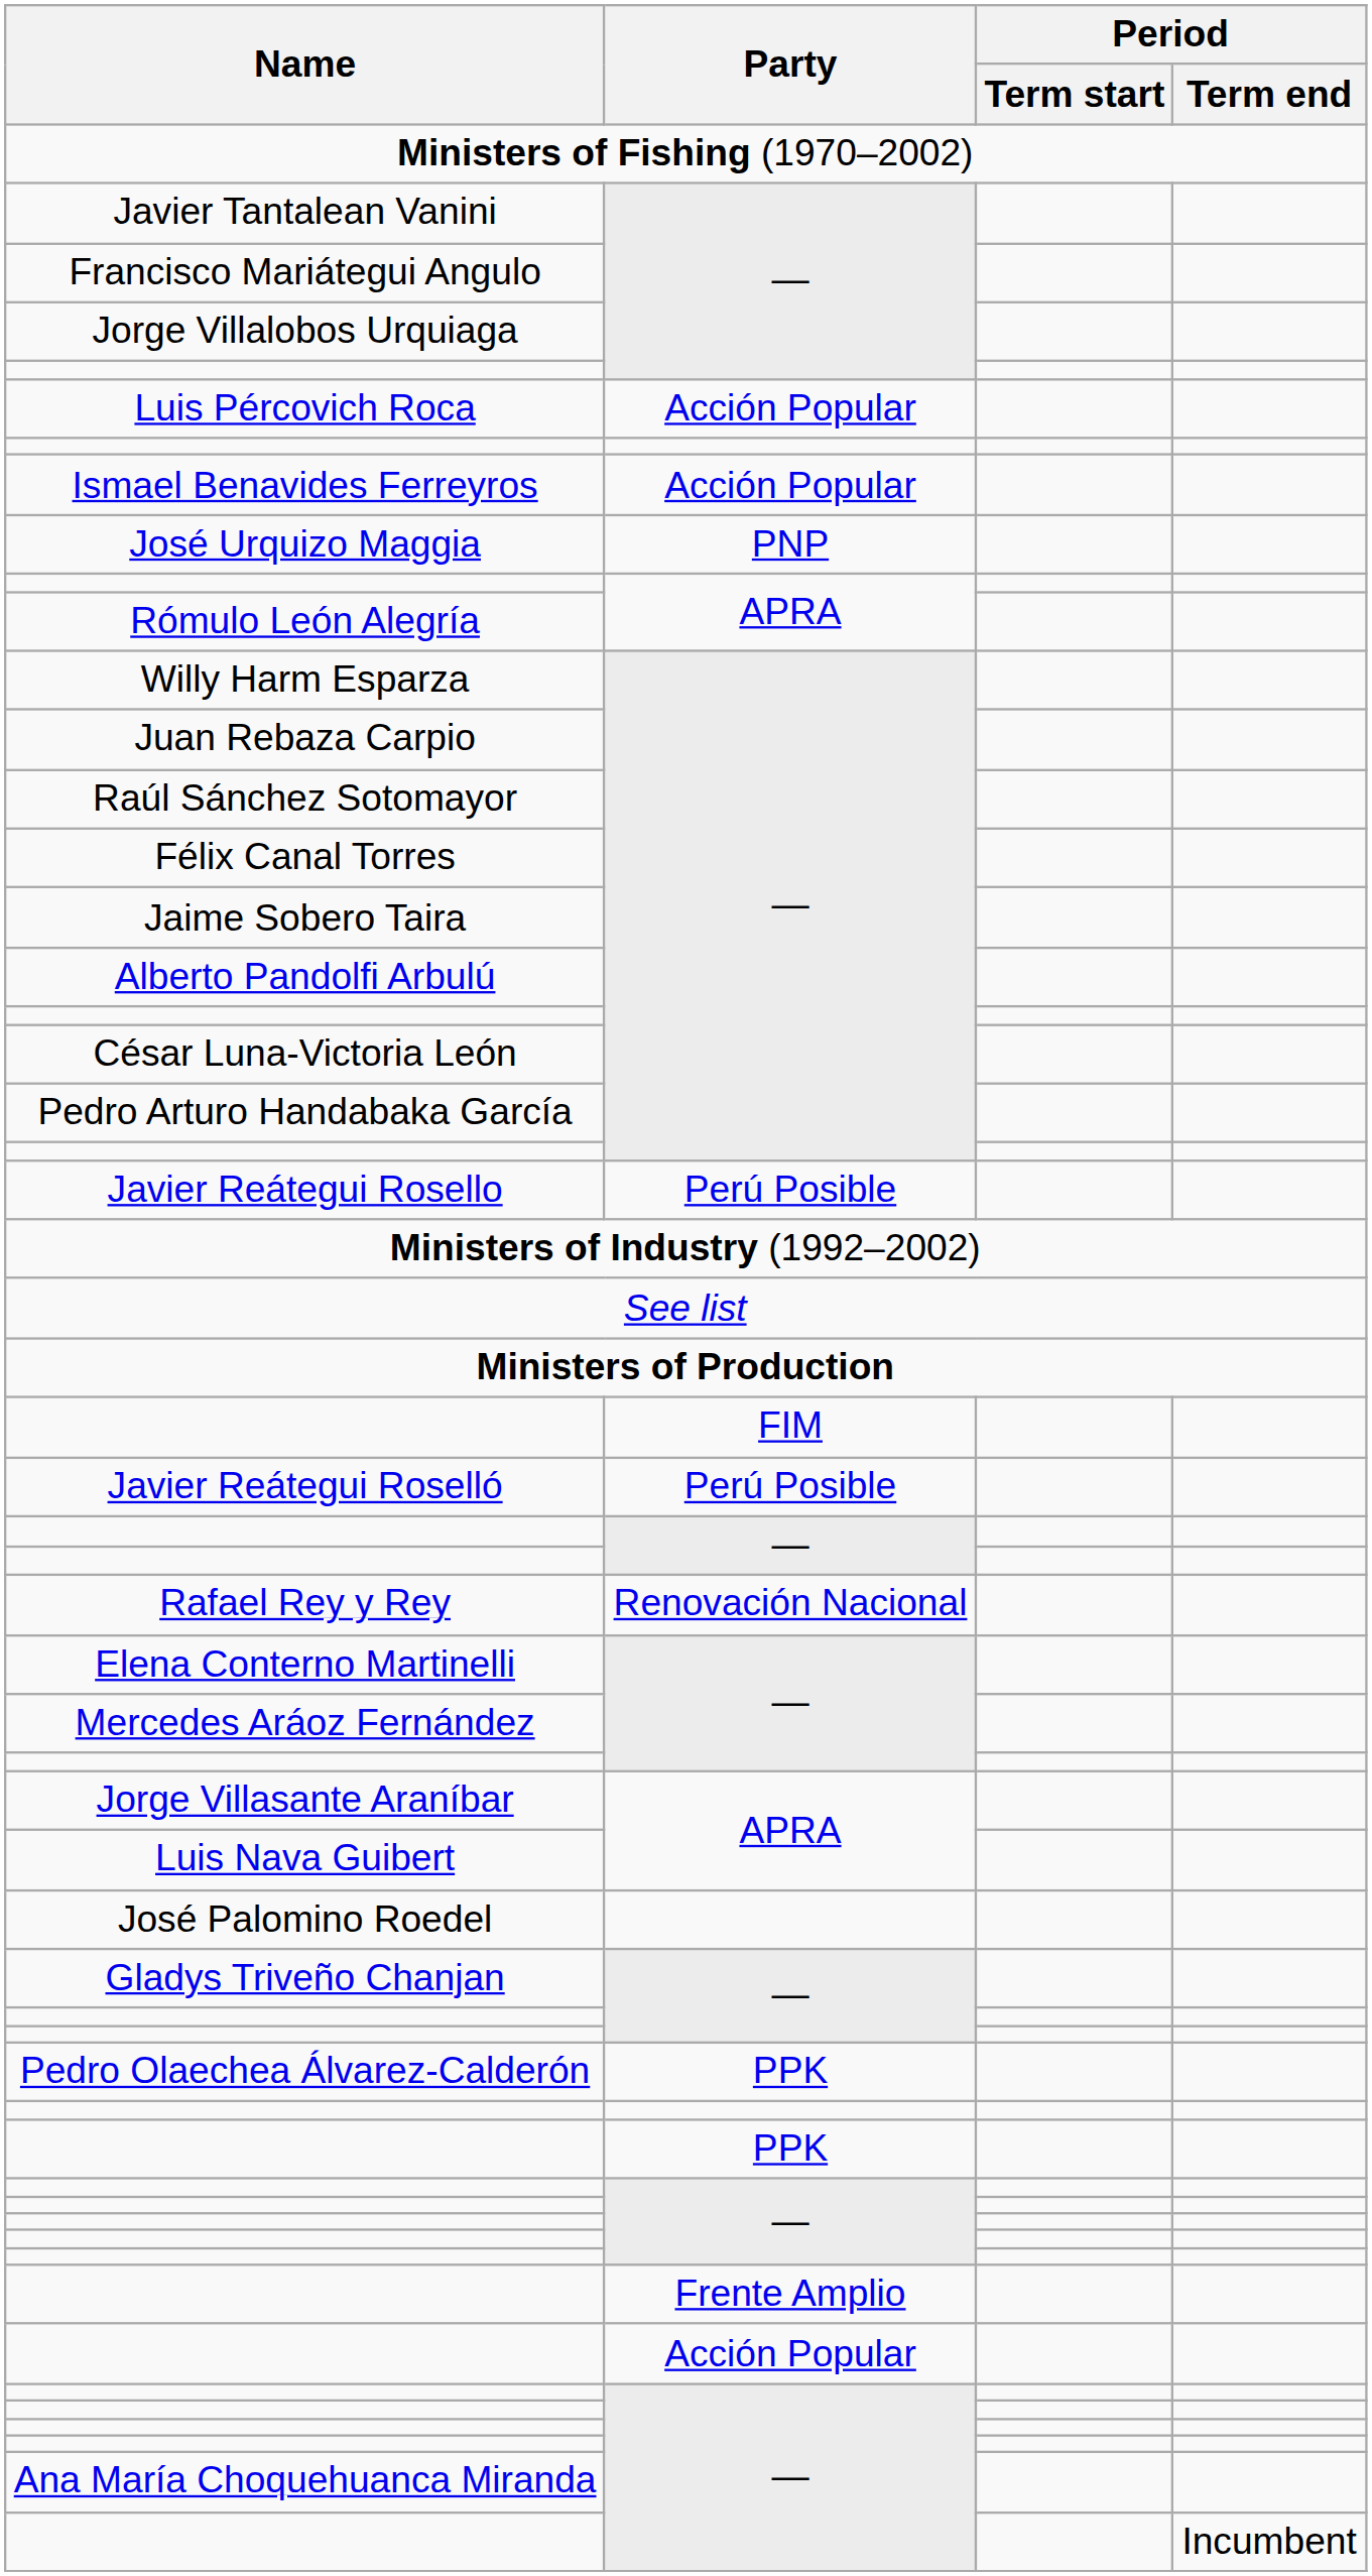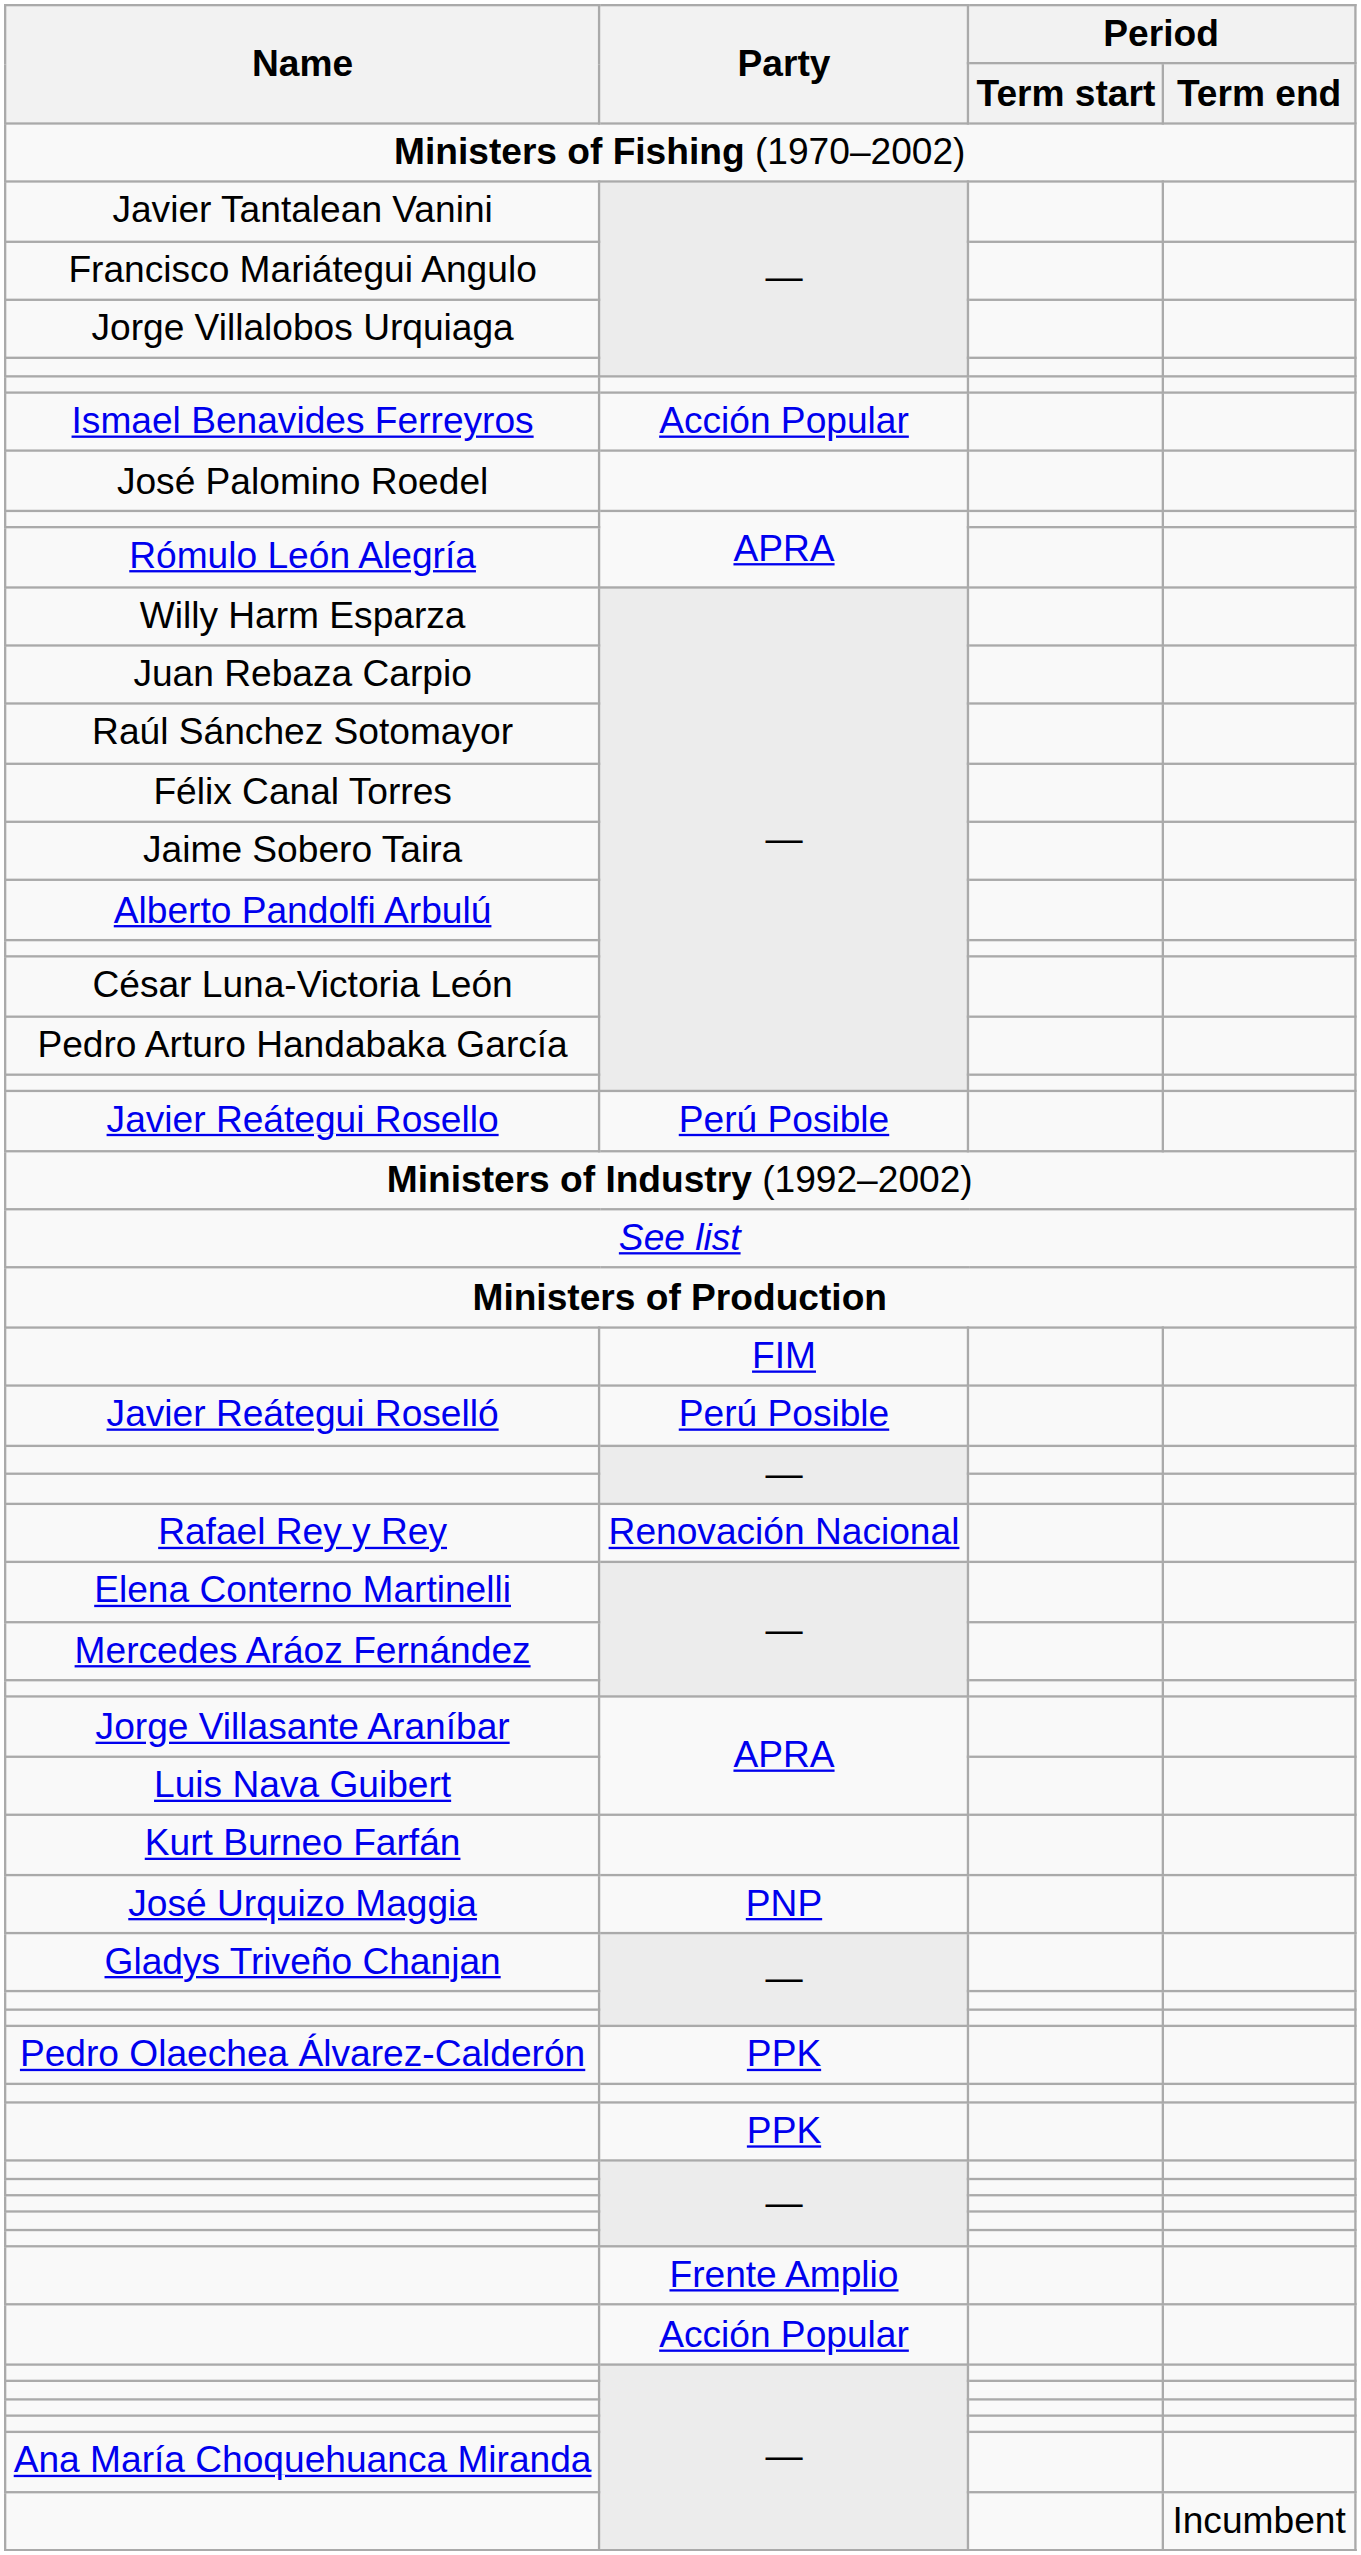 <table class="wikitable" style="text-align: center">
 <tr>
 <th rowspan=2><strong>Name</strong></th>
 <th rowspan=2><strong>Party</strong></th>
 <th colspan=2><strong>Period</strong></th>
 </tr>
 <tr>
 <th>Term start</th>
 <th>Term end</th>
 </tr>
 <tr>
 <td colspan=4><div><strong>Ministers of Fishing</strong> (1970–2002)</div></td>
 </tr>
 <tr>
 <td>Javier Tantalean Vanini</td>
 <td rowspan=4; style="background: var(--background-color-interactive, #ececec)">—</td>
 <td></td>
 <td></td>
 </tr>
 <tr>
 <td>Francisco Mariátegui Angulo</td>
 <td></td>
 <td></td>
 </tr>
 <tr>
 <td>Jorge Villalobos Urquiaga</td>
 <td></td>
 <td></td>
 </tr>
 <tr>
 <td></td>
 <td></td>
 <td></td>
 </tr>
 <tr>
-<td><a href='#'>Luis Pércovich Roca</a></td>
-<td><a href='#'>Acción Popular</a></td>
-<td></td>
-<td></td>
-</tr>
-<tr>
 <td></td>
 <td></td>
 <td></td>
 <td></td>
 </tr>
 <tr>
 <td><a href='#'>Ismael Benavides Ferreyros</a></td>
 <td><a href='#'>Acción Popular</a></td>
 <td></td>
 <td></td>
 </tr>
 <tr>
-<td><a href='#'>José Urquizo Maggia</a></td>
-<td><a href='#'>PNP</a></td>
+<td>José Palomino Roedel</td>
+<td></td>
 <td></td>
 <td></td>
 </tr>
 <tr>
 <td></td>
 <td rowspan="2"><a href='#'>APRA</a></td>
 <td></td>
 <td></td>
 </tr>
 <tr>
 <td><a href='#'>Rómulo León Alegría</a></td>
 <td></td>
 <td></td>
 </tr>
 <tr>
 <td>Willy Harm Esparza</td>
 <td rowspan=10; style="background: var(--background-color-interactive, #ececec)">—</td>
 <td></td>
 <td></td>
 </tr>
 <tr>
 <td>Juan Rebaza Carpio</td>
 <td></td>
 <td></td>
 </tr>
 <tr>
 <td>Raúl Sánchez Sotomayor</td>
 <td></td>
 <td></td>
 </tr>
 <tr>
 <td>Félix Canal Torres</td>
 <td></td>
 <td></td>
 </tr>
 <tr>
 <td>Jaime Sobero Taira</td>
 <td></td>
 <td></td>
 </tr>
 <tr>
 <td><a href='#'>Alberto Pandolfi Arbulú</a></td>
 <td></td>
 <td></td>
 </tr>
 <tr>
 <td></td>
 <td></td>
 <td></td>
 </tr>
 <tr>
 <td>César Luna-Victoria León</td>
 <td></td>
 <td></td>
 </tr>
 <tr>
 <td>Pedro Arturo Handabaka García</td>
 <td></td>
 <td></td>
 </tr>
 <tr>
 <td></td>
 <td></td>
 <td></td>
 </tr>
 <tr>
 <td><a href='#'>Javier Reátegui Rosello</a></td>
 <td><a href='#'>Perú Posible</a></td>
 <td></td>
 <td></td>
 </tr>
 <tr>
 <td colspan=4><div><strong>Ministers of Industry</strong> (1992–2002)</div></td>
 </tr>
 <tr>
 <td colspan=4><div><em><a href='#'>See list</a></em></div></td>
 </tr>
 <tr>
 <td colspan=4><div><strong>Ministers of Production</strong></div></td>
 </tr>
 <tr>
 <td></td>
 <td><a href='#'>FIM</a></td>
 <td></td>
 <td></td>
 </tr>
 <tr>
 <td><a href='#'>Javier Reátegui Roselló</a></td>
 <td><a href='#'>Perú Posible</a></td>
 <td></td>
 <td></td>
 </tr>
 <tr>
 <td></td>
 <td rowspan=2; style="background: var(--background-color-interactive, #ececec)">—</td>
 <td></td>
 <td></td>
 </tr>
 <tr>
 <td></td>
 <td></td>
 <td></td>
 </tr>
 <tr>
 <td><a href='#'>Rafael Rey y Rey</a></td>
 <td><a href='#'>Renovación Nacional</a></td>
 <td></td>
 <td></td>
 </tr>
 <tr>
 <td><a href='#'>Elena Conterno Martinelli</a></td>
 <td rowspan=3; style="background: var(--background-color-interactive, #ececec)">—</td>
 <td></td>
 <td></td>
 </tr>
 <tr>
 <td><a href='#'>Mercedes Aráoz Fernández</a></td>
 <td></td>
 <td></td>
 </tr>
 <tr>
 <td></td>
 <td></td>
 <td></td>
 </tr>
 <tr>
 <td><a href='#'>Jorge Villasante Araníbar</a></td>
 <td rowspan="2"><a href='#'>APRA</a></td>
 <td></td>
 <td></td>
 </tr>
 <tr>
 <td><a href='#'>Luis Nava Guibert</a></td>
 <td></td>
 <td></td>
 </tr>
 <tr>
-<td>José Palomino Roedel</td>
+<td><a href='#'>Kurt Burneo Farfán</a></td>
 <td></td>
+<td></td>
+<td></td>
+</tr>
+<tr>
+<td><a href='#'>José Urquizo Maggia</a></td>
+<td><a href='#'>PNP</a></td>
 <td></td>
 <td></td>
 </tr>
 <tr>
 <td><a href='#'>Gladys Triveño Chanjan</a></td>
 <td rowspan=3; style="background: var(--background-color-interactive, #ececec)">—</td>
 <td></td>
 <td></td>
 </tr>
 <tr>
 <td></td>
 <td></td>
 <td></td>
 </tr>
 <tr>
 <td></td>
 <td></td>
 <td></td>
 </tr>
 <tr>
 <td><a href='#'>Pedro Olaechea Álvarez-Calderón</a></td>
 <td><a href='#'>PPK</a></td>
 <td></td>
 <td></td>
 </tr>
 <tr>
 <td></td>
 <td></td>
 <td></td>
 <td></td>
 </tr>
 <tr>
 <td></td>
 <td><a href='#'>PPK</a></td>
 <td></td>
 <td></td>
 </tr>
 <tr>
 <td></td>
 <td rowspan=5; style="background: var(--background-color-interactive, #ececec)">—</td>
 <td></td>
 <td></td>
 </tr>
 <tr>
 <td></td>
 <td></td>
 <td></td>
 </tr>
 <tr>
 <td></td>
 <td></td>
 <td></td>
 </tr>
 <tr>
 <td></td>
 <td></td>
 <td></td>
 </tr>
 <tr>
 <td></td>
 <td></td>
 <td></td>
 </tr>
 <tr>
 <td></td>
 <td><a href='#'>Frente Amplio</a></td>
 <td></td>
 <td></td>
 </tr>
 <tr>
 <td></td>
 <td><a href='#'>Acción Popular</a></td>
 <td></td>
 <td></td>
 </tr>
 <tr>
 <td></td>
 <td rowspan=6; style="background: var(--background-color-interactive, #ececec)">—</td>
 <td></td>
 <td></td>
 </tr>
 <tr>
 <td></td>
 <td></td>
 <td></td>
 </tr>
 <tr>
 <td></td>
 <td></td>
 <td></td>
 </tr>
 <tr>
 <td></td>
 <td></td>
 <td></td>
 </tr>
 <tr>
 <td><a href='#'>Ana María Choquehuanca Miranda</a></td>
 <td></td>
 <td></td>
 </tr>
 <tr>
 <td></td>
 <td></td>
 <td>Incumbent</td>
 </tr>
 <tr>
 </tr>
 </table>
